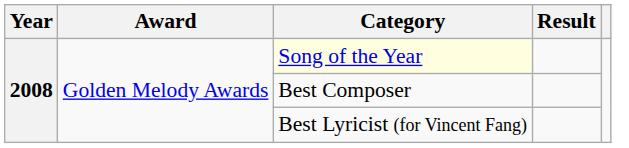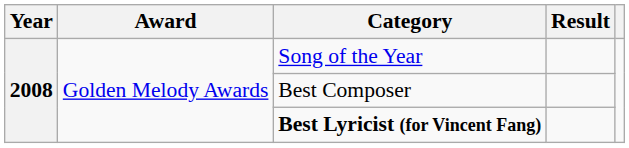 <table class="wikitable sortable plainrowheaders">
 <tr>
 <th class="unsortable">Year</th>
 <th>Award</th>
 <th>Category</th>
 <th>Result</th>
 <th scope="col" class="unsortable"></th>
 </tr>
 <tr>
 <th scope="row" rowspan="3">2008</th>
 <td rowspan="3"><a href='#'>Golden Melody Awards</a></td>
-<td style="background: lightyellow;"><a href='#'>Song of the Year</a></td>
+<td><a href='#'>Song of the Year</a></td>
 <td></td>
 <td align="center" rowspan="3"></td>
 </tr>
 <tr>
 <td>Best Composer</td>
 <td></td>
 </tr>
 <tr>
-<td>Best Lyricist <small>(for Vincent Fang)</small></td>
+<td><strong>Best Lyricist <small>(for Vincent Fang)</small></strong></td>
 <td></td>
 </tr>
 </table>
